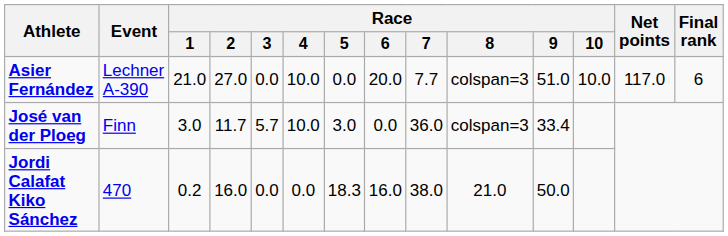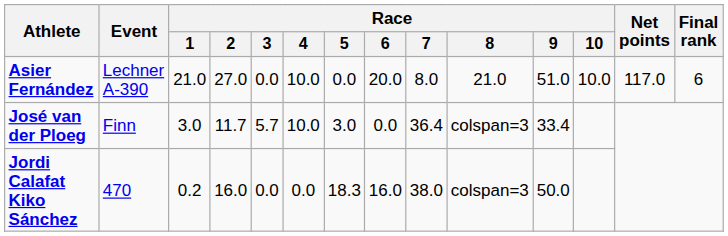 <table class="wikitable" style="font-size:90%">
 <tr>
 <th rowspan="2">Athlete</th>
 <th rowspan="2">Event</th>
 <th colspan=10>Race</th>
 <th rowspan=2>Net points</th>
 <th rowspan=2>Final rank</th>
 </tr>
 <tr style="font-size:95%">
 <th>1</th>
 <th>2</th>
 <th>3</th>
 <th>4</th>
 <th>5</th>
 <th>6</th>
 <th>7</th>
 <th>8</th>
 <th>9</th>
 <th>10</th>
 </tr>
 <tr align=center>
 <td align=left><strong><a href='#'>Asier Fernández</a></strong></td>
 <td align=left><a href='#'>Lechner A-390</a></td>
 <td>21.0</td>
 <td>27.0</td>
 <td>0.0</td>
 <td>10.0</td>
 <td>0.0</td>
 <td>20.0</td>
-<td>7.7</td>
-<td>colspan=3 </td>
+<td>8.0</td>
+<td>21.0</td>
 <td>51.0</td>
 <td>10.0</td>
 <td>117.0</td>
 <td>6</td>
 </tr>
 <tr align=center>
 <td align=left><strong><a href='#'>José van der Ploeg</a></strong></td>
 <td align=left><a href='#'>Finn</a></td>
 <td>3.0</td>
 <td>11.7</td>
 <td>5.7</td>
 <td>10.0</td>
 <td>3.0</td>
 <td>0.0</td>
-<td>36.0</td>
+<td>36.4</td>
 <td>colspan=3 </td>
 <td>33.4</td>
 <td></td>
 </tr>
 <tr align=center>
 <td align=left><strong><a href='#'>Jordi Calafat</a><br><a href='#'>Kiko Sánchez</a></strong></td>
 <td align=left><a href='#'>470</a></td>
 <td>0.2</td>
 <td>16.0</td>
 <td>0.0</td>
 <td>0.0</td>
 <td>18.3</td>
 <td>16.0</td>
 <td>38.0</td>
-<td>21.0</td>
+<td>colspan=3 </td>
 <td>50.0</td>
 <td></td>
 </tr>
 </table>
